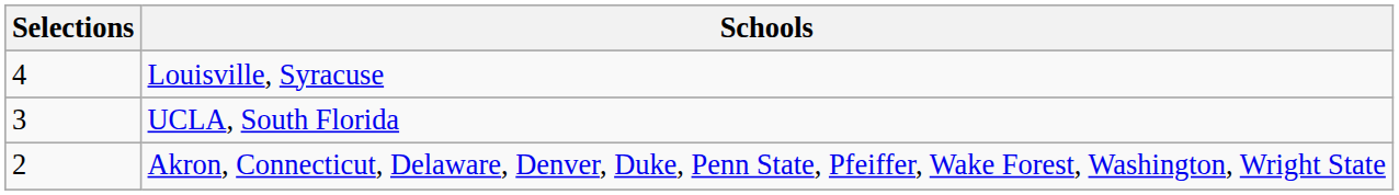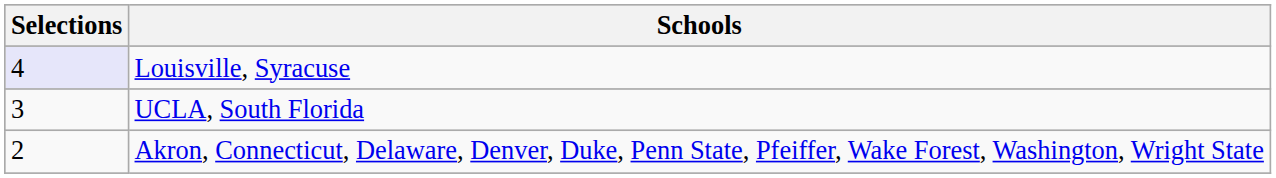 <table class="wikitable sortable" style="text-align:left">
 <tr>
 <th>Selections</th>
 <th class="unsortable">Schools</th>
 </tr>
 <tr>
-<td>4</td>
+<td style="background: lavender;">4</td>
 <td><a href='#'>Louisville</a>, <a href='#'>Syracuse</a></td>
 </tr>
 <tr>
 <td>3</td>
 <td><a href='#'>UCLA</a>, <a href='#'>South Florida</a></td>
 </tr>
 <tr>
 <td>2</td>
 <td><a href='#'>Akron</a>, <a href='#'>Connecticut</a>, <a href='#'>Delaware</a>, <a href='#'>Denver</a>, <a href='#'>Duke</a>, <a href='#'>Penn State</a>, <a href='#'>Pfeiffer</a>, <a href='#'>Wake Forest</a>, <a href='#'>Washington</a>, <a href='#'>Wright State</a></td>
 </tr>
 </table>
